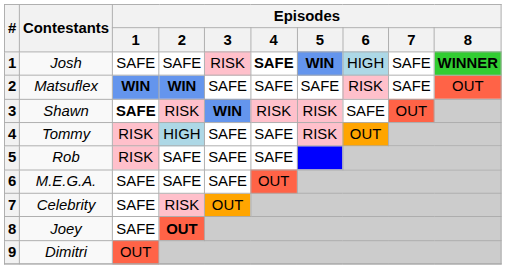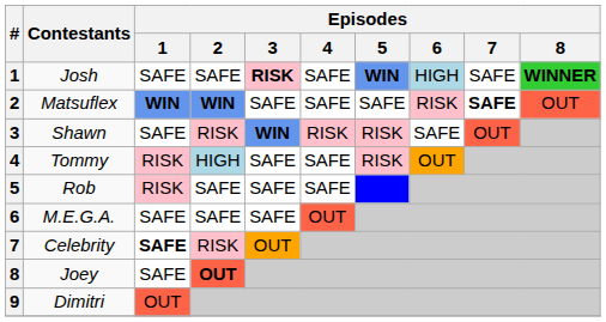 <table class="wikitable" style="text-align:center; background: white">
 <tr>
 <th rowspan=2>#</th>
 <th rowspan=2>Contestants</th>
 <th colspan=8>Episodes</th>
 </tr>
 <tr>
 <th>1</th>
 <th>2</th>
 <th>3</th>
 <th>4</th>
 <th>5</th>
 <th>6</th>
 <th>7</th>
 <th>8</th>
 </tr>
 <tr>
 <th>1</th>
 <td bgcolor="#f9f9f9"><em>Josh</em></td>
 <td>SAFE</td>
 <td>SAFE</td>
-<td bgcolor="pink">RISK</td>
-<td><strong>SAFE</strong></td>
+<td bgcolor="pink"><strong>RISK</strong></td>
+<td>SAFE</td>
 <td bgcolor="cornflowerblue"><strong>WIN</strong></td>
 <td bgcolor="lightblue">HIGH</td>
 <td>SAFE</td>
 <td bgcolor="limegreen"><strong>WINNER</strong></td>
 </tr>
 <tr>
 <th>2</th>
 <td bgcolor="#f9f9f9"><em>Matsuflex</em></td>
 <td bgcolor="cornflowerblue"><strong>WIN</strong></td>
 <td bgcolor="cornflowerblue"><strong>WIN</strong></td>
 <td>SAFE</td>
 <td>SAFE</td>
 <td>SAFE</td>
 <td bgcolor="pink">RISK</td>
-<td>SAFE</td>
+<td><strong>SAFE</strong></td>
 <td bgcolor="tomato">OUT</td>
 </tr>
 <tr>
 <th>3</th>
 <td bgcolor="#f9f9f9"><em>Shawn</em></td>
-<td><strong>SAFE</strong></td>
+<td>SAFE</td>
 <td bgcolor="pink">RISK</td>
 <td bgcolor="cornflowerblue"><strong>WIN</strong></td>
 <td bgcolor="pink">RISK</td>
 <td bgcolor="pink">RISK</td>
 <td>SAFE</td>
 <td bgcolor="tomato">OUT</td>
 <td bgcolor="#CCCCCC"></td>
 </tr>
 <tr>
 <th>4</th>
 <td bgcolor="#f9f9f9"><em>Tommy</em></td>
 <td bgcolor="pink">RISK</td>
 <td bgcolor="lightblue">HIGH</td>
 <td>SAFE</td>
 <td>SAFE</td>
 <td bgcolor="pink">RISK</td>
 <td bgcolor="orange">OUT</td>
 <td bgcolor="#CCCCCC" colspan=2></td>
 </tr>
 <tr>
 <th>5</th>
 <td bgcolor="#f9f9f9"><em>Rob</em></td>
 <td bgcolor="pink">RISK</td>
 <td>SAFE</td>
 <td>SAFE</td>
 <td>SAFE</td>
 <td bgcolor="blue"></td>
 <td bgcolor="#CCCCCC" colspan=3></td>
 </tr>
 <tr>
 <th>6</th>
 <td bgcolor="#f9f9f9"><em>M.E.G.A.</em></td>
 <td>SAFE</td>
 <td>SAFE</td>
 <td>SAFE</td>
 <td bgcolor="tomato">OUT</td>
 <td bgcolor="#CCCCCC" colspan=4></td>
 </tr>
 <tr>
 <th>7</th>
 <td bgcolor="#f9f9f9"><em>Celebrity</em></td>
-<td>SAFE</td>
+<td><strong>SAFE</strong></td>
 <td bgcolor="pink">RISK</td>
 <td bgcolor="orange">OUT</td>
 <td bgcolor="#CCCCCC" colspan=5></td>
 </tr>
 <tr>
 <th>8</th>
 <td bgcolor="#f9f9f9"><em>Joey</em></td>
 <td>SAFE</td>
 <td bgcolor="tomato"><strong>OUT</strong></td>
 <td bgcolor="#CCCCCC" colspan=6></td>
 </tr>
 <tr>
 <th>9</th>
 <td bgcolor="#f9f9f9"><em>Dimitri</em></td>
 <td bgcolor="tomato">OUT</td>
 <td bgcolor="#CCCCCC" colspan=7></td>
 </tr>
 <tr>
 </tr>
 </table>
